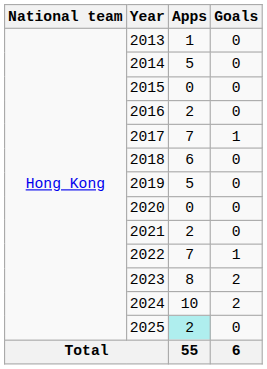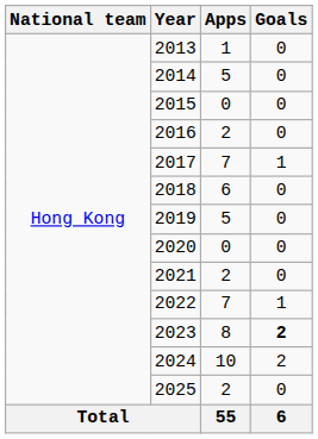 <table class="wikitable" style="text-align:center">
 <tr>
 <th>National team</th>
 <th>Year</th>
 <th>Apps</th>
 <th>Goals</th>
 </tr>
 <tr>
 <td rowspan="13"><a href='#'>Hong Kong</a></td>
 <td>2013</td>
 <td>1</td>
 <td>0</td>
 </tr>
 <tr>
 <td>2014</td>
 <td>5</td>
 <td>0</td>
 </tr>
 <tr>
 <td>2015</td>
 <td>0</td>
 <td>0</td>
 </tr>
 <tr>
 <td>2016</td>
 <td>2</td>
 <td>0</td>
 </tr>
 <tr>
 <td>2017</td>
 <td>7</td>
 <td>1</td>
 </tr>
 <tr>
 <td>2018</td>
 <td>6</td>
 <td>0</td>
 </tr>
 <tr>
 <td>2019</td>
 <td>5</td>
 <td>0</td>
 </tr>
 <tr>
 <td>2020</td>
 <td>0</td>
 <td>0</td>
 </tr>
 <tr>
 <td>2021</td>
 <td>2</td>
 <td>0</td>
 </tr>
 <tr>
 <td>2022</td>
 <td>7</td>
 <td>1</td>
 </tr>
 <tr>
 <td>2023</td>
 <td>8</td>
-<td>2</td>
+<td><strong>2</strong></td>
 </tr>
 <tr>
 <td>2024</td>
 <td>10</td>
 <td>2</td>
 </tr>
 <tr>
 <td>2025</td>
-<td style="background: paleturquoise;">2</td>
+<td>2</td>
 <td>0</td>
 </tr>
 <tr>
 <th colspan=2>Total</th>
 <th>55</th>
 <th>6</th>
 </tr>
 </table>
